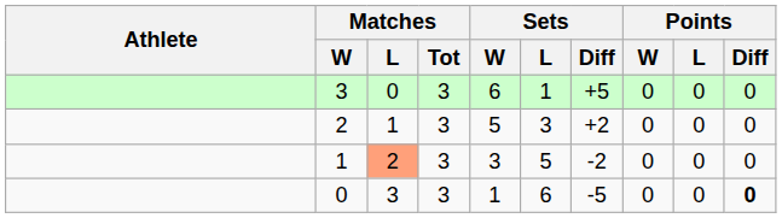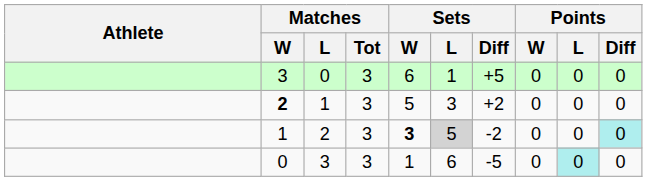 <table class=wikitable style="text-align:center">
 <tr>
 <th rowspan=2 width=220>Athlete</th>
 <th colspan=3 width=90>Matches</th>
 <th colspan=3 width=90>Sets</th>
 <th colspan=3 width=90>Points</th>
 </tr>
 <tr>
 <th width=30>W</th>
 <th width=30>L</th>
 <th width=30>Tot</th>
 <th width=30>W</th>
 <th width=30>L</th>
 <th width=30>Diff</th>
 <th width=30>W</th>
 <th width=30>L</th>
 <th width=30>Diff</th>
 </tr>
 <tr bgcolor=ccffcc>
 <td style="text-align:left"></td>
 <td>3</td>
 <td>0</td>
 <td>3</td>
 <td>6</td>
 <td>1</td>
 <td>+5</td>
 <td>0</td>
 <td>0</td>
 <td>0</td>
 </tr>
 <tr>
 <td style="text-align:left"></td>
-<td>2</td>
+<td><strong>2</strong></td>
 <td>1</td>
 <td>3</td>
 <td>5</td>
 <td>3</td>
 <td>+2</td>
 <td>0</td>
 <td>0</td>
 <td>0</td>
 </tr>
 <tr>
 <td style="text-align:left"></td>
 <td>1</td>
-<td style="background: lightsalmon;">2</td>
+<td>2</td>
 <td>3</td>
-<td>3</td>
-<td>5</td>
+<td><strong>3</strong></td>
+<td style="background: lightgrey;">5</td>
 <td>-2</td>
 <td>0</td>
 <td>0</td>
-<td>0</td>
+<td style="background: paleturquoise;">0</td>
 </tr>
 <tr>
 <td style="text-align:left"></td>
 <td>0</td>
 <td>3</td>
 <td>3</td>
 <td>1</td>
 <td>6</td>
 <td>-5</td>
 <td>0</td>
+<td style="background: paleturquoise;">0</td>
 <td>0</td>
-<td><strong>0</strong></td>
 </tr>
 </table>
